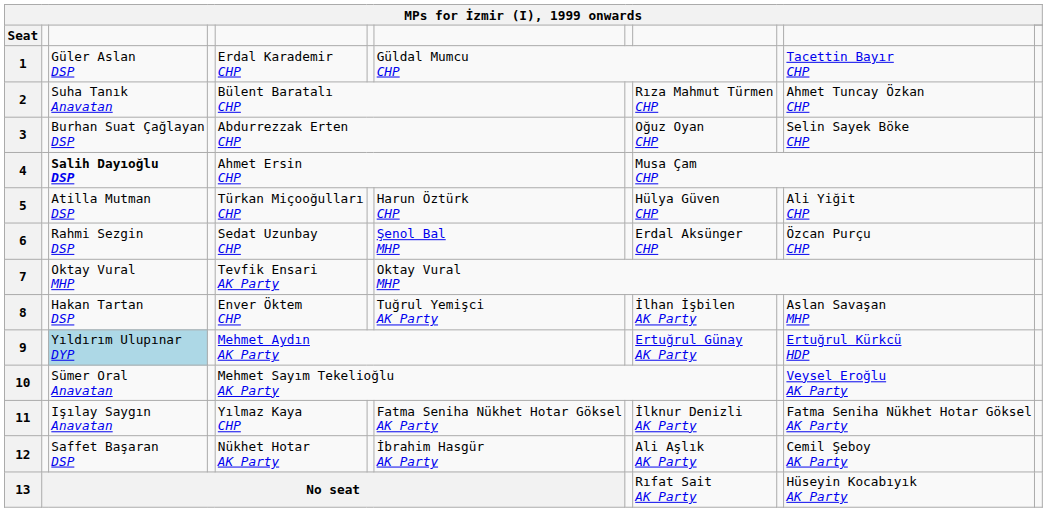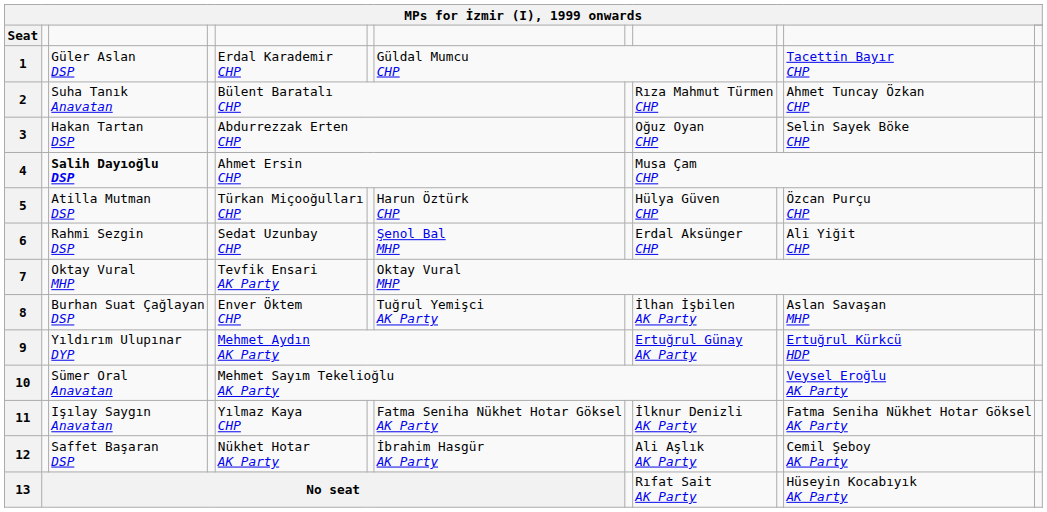 <table class="wikitable">
 <tr>
 <th colspan = 12>MPs for İzmir (I), 1999 onwards</th>
 </tr>
 <tr>
 <th rowspan = 2>Seat</th>
 <td rowspan="2" style="width:1px;"></td>
 <td rowspan = 2></td>
 <td rowspan="2" style="width:1px;"></td>
 <td rowspan = 2></td>
 <td rowspan="2" style="width:1px;"></td>
 <td rowspan = 2></td>
 <td rowspan="2" style="width:1px;"></td>
 <td rowspan = 2></td>
 <td rowspan="2" style="width:1px;"></td>
 <td rowspan = 2></td>
 </tr>
 <tr>
 <td></td>
 </tr>
 <tr>
 <th>1</th>
 <td width=1px style="background-color: "></td>
 <td colspan = 1>Güler Aslan<br><em><a href='#'>DSP</a></em></td>
 <td width=1px style="background-color: "></td>
 <td colspan = 1>Erdal Karademir<br><em><a href='#'>CHP</a></em></td>
 <td width=1px style="background-color: "></td>
 <td colspan = 3>Güldal Mumcu<br><em><a href='#'>CHP</a></em></td>
 <td width=1px style="background-color: "></td>
 <td colspan = 1><a href='#'>Tacettin Bayır</a><br><em><a href='#'>CHP</a></em></td>
 <td width=1px style="background-color: "></td>
 </tr>
 <tr>
 <th>2</th>
 <td width=1px style="background-color: "></td>
 <td colspan = 1>Suha Tanık<br><em><a href='#'>Anavatan</a></em></td>
 <td width=1px style="background-color: "></td>
 <td colspan = 3>Bülent Baratalı<br><em><a href='#'>CHP</a></em></td>
 <td width=1px style="background-color: "></td>
 <td colspan = 1>Rıza Mahmut Türmen<br><em><a href='#'>CHP</a></em></td>
 <td width=1px style="background-color: "></td>
 <td colspan = 1>Ahmet Tuncay Özkan<br><em><a href='#'>CHP</a></em></td>
 <td width=1px style="background-color: "></td>
 </tr>
 <tr>
 <th>3</th>
 <td width=1px style="background-color: "></td>
-<td colspan = 1>Burhan Suat Çağlayan<br><em><a href='#'>DSP</a></em></td>
+<td colspan = 1>Hakan Tartan<br><em><a href='#'>DSP</a></em></td>
 <td width=1px style="background-color: "></td>
 <td colspan = 3>Abdurrezzak Erten<br><em><a href='#'>CHP</a></em></td>
 <td width=1px style="background-color: "></td>
 <td colspan = 1>Oğuz Oyan<br><em><a href='#'>CHP</a></em></td>
 <td width=1px style="background-color: "></td>
 <td colspan = 1>Selin Sayek Böke<br><em><a href='#'>CHP</a></em></td>
 <td width=1px style="background-color: "></td>
 </tr>
 <tr>
 <th>4</th>
 <td width=1px style="background-color: "></td>
 <td colspan = 1><strong>Salih Dayıoğlu<br><em><a href='#'>DSP</a></em></strong></td>
 <td width=1px style="background-color: "></td>
 <td colspan = 3>Ahmet Ersin<br><em><a href='#'>CHP</a></em></td>
 <td width=1px style="background-color: "></td>
 <td colspan = 3>Musa Çam<br><em><a href='#'>CHP</a></em></td>
 <td width=1px style="background-color: "></td>
 </tr>
 <tr>
 <th>5</th>
 <td width=1px style="background-color: "></td>
 <td colspan = 1>Atilla Mutman<br><em><a href='#'>DSP</a></em></td>
 <td width=1px style="background-color: "></td>
 <td colspan = 1>Türkan Miçooğulları<br><em><a href='#'>CHP</a></em></td>
 <td width=1px style="background-color: "></td>
 <td colspan = 1>Harun Öztürk<br><em><a href='#'>CHP</a></em></td>
 <td width=1px style="background-color: "></td>
 <td colspan = 1>Hülya Güven<br><em><a href='#'>CHP</a></em></td>
 <td width=1px style="background-color: "></td>
-<td colspan = 1>Ali Yiğit<br><em><a href='#'>CHP</a></em></td>
+<td colspan = 1>Özcan Purçu<br><em><a href='#'>CHP</a></em></td>
 <td width=1px style="background-color: "></td>
 </tr>
 <tr>
 <th>6</th>
 <td width=1px style="background-color: "></td>
 <td colspan = 1>Rahmi Sezgin<br><em><a href='#'>DSP</a></em></td>
 <td width=1px style="background-color: "></td>
 <td colspan = 1>Sedat Uzunbay<br><em><a href='#'>CHP</a></em></td>
 <td width=1px style="background-color: "></td>
 <td colspan = 1><a href='#'>Şenol Bal</a><br><em><a href='#'>MHP</a></em></td>
 <td width=1px style="background-color: "></td>
 <td colspan = 1>Erdal Aksünger<br><em><a href='#'>CHP</a></em></td>
 <td width=1px style="background-color: "></td>
-<td colspan = 1>Özcan Purçu<br><em><a href='#'>CHP</a></em></td>
+<td colspan = 1>Ali Yiğit<br><em><a href='#'>CHP</a></em></td>
 <td width=1px style="background-color: "></td>
 </tr>
 <tr>
 <th>7</th>
 <td width=1px style="background-color: "></td>
 <td colspan = 1>Oktay Vural<br><em><a href='#'>MHP</a></em></td>
 <td width=1px style="background-color: "></td>
 <td colspan = 1>Tevfik Ensari<br><em><a href='#'>AK Party</a></em></td>
 <td width=1px style="background-color: "></td>
 <td colspan = 5>Oktay Vural<br><em><a href='#'>MHP</a></em></td>
 <td width=1px style="background-color: "></td>
 </tr>
 <tr>
 <th>8</th>
 <td width=1px style="background-color: "></td>
-<td colspan = 1>Hakan Tartan<br><em><a href='#'>DSP</a></em></td>
+<td colspan = 1>Burhan Suat Çağlayan<br><em><a href='#'>DSP</a></em></td>
 <td width=1px style="background-color: "></td>
 <td colspan = 1>Enver Öktem<br><em><a href='#'>CHP</a></em></td>
 <td width=1px style="background-color: "></td>
 <td colspan = 1>Tuğrul Yemişci<br><em><a href='#'>AK Party</a></em></td>
 <td width=1px style="background-color: "></td>
 <td colspan = 1>İlhan İşbilen<br><em><a href='#'>AK Party</a></em></td>
 <td width=1px style="background-color: "></td>
 <td colspan = 1>Aslan Savaşan<br><em><a href='#'>MHP</a></em></td>
 <td width=1px style="background-color: "></td>
 </tr>
 <tr>
 <th>9</th>
 <td width=1px style="background-color: "></td>
-<td colspan = 1 style="background: lightblue;">Yıldırım Ulupınar<br><em><a href='#'>DYP</a></em></td>
+<td colspan = 1>Yıldırım Ulupınar<br><em><a href='#'>DYP</a></em></td>
 <td width=1px style="background-color: "></td>
 <td colspan = 3><a href='#'>Mehmet Aydın</a><br><em><a href='#'>AK Party</a></em></td>
 <td width=1px style="background-color: "></td>
 <td colspan = 1><a href='#'>Ertuğrul Günay</a><br><em><a href='#'>AK Party</a></em></td>
 <td width=1px style="background-color: "></td>
 <td colspan = 1><a href='#'>Ertuğrul Kürkcü</a><br><em><a href='#'>HDP</a></em></td>
 <td width=1px style="background-color: "></td>
 </tr>
 <tr>
 <th>10</th>
 <td width=1px style="background-color: "></td>
 <td colspan = 1>Sümer Oral<br><em><a href='#'>Anavatan</a></em></td>
 <td width=1px style="background-color: "></td>
 <td colspan = 5>Mehmet Sayım Tekelioğlu<br><em><a href='#'>AK Party</a></em></td>
 <td width=1px style="background-color: "></td>
 <td colspan = 1><a href='#'>Veysel Eroğlu</a><br><em><a href='#'>AK Party</a></em></td>
 <td width=1px style="background-color: "></td>
 </tr>
 <tr>
 <th>11</th>
 <td width=1px style="background-color: "></td>
 <td colspan = 1>Işılay Saygın<br><em><a href='#'>Anavatan</a></em></td>
 <td width=1px style="background-color: "></td>
 <td colspan = 1>Yılmaz Kaya<br><em><a href='#'>CHP</a></em></td>
 <td width=1px style="background-color: "></td>
 <td colspan = 1>Fatma Seniha Nükhet Hotar Göksel<br><em><a href='#'>AK Party</a></em></td>
 <td width=1px style="background-color: "></td>
 <td colspan = 1>İlknur Denizli<br><em><a href='#'>AK Party</a></em></td>
 <td width=1px style="background-color: "></td>
 <td colspan = 1>Fatma Seniha Nükhet Hotar Göksel<br><em><a href='#'>AK Party</a></em></td>
 <td width=1px style="background-color: "></td>
 </tr>
 <tr>
 <th>12</th>
 <td width=1px style="background-color: "></td>
 <td colspan = 1>Saffet Başaran<br><em><a href='#'>DSP</a></em></td>
 <td width=1px style="background-color: "></td>
 <td colspan = 1>Nükhet Hotar<br><em><a href='#'>AK Party</a></em></td>
 <td width=1px style="background-color: "></td>
 <td colspan = 1>İbrahim Hasgür<br><em><a href='#'>AK Party</a></em></td>
 <td width=1px style="background-color: "></td>
 <td colspan = 1>Ali Aşlık<br><em><a href='#'>AK Party</a></em></td>
 <td width=1px style="background-color: "></td>
 <td colspan = 1>Cemil Şeboy<br><em><a href='#'>AK Party</a></em></td>
 <td width=1px style="background-color: "></td>
 </tr>
 <tr>
 <th>13</th>
 <th colspan = 6>No seat</th>
 <td width=1px style="background-color: "></td>
 <td colspan = 1>Rıfat Sait<br><em><a href='#'>AK Party</a></em></td>
 <td width=1px style="background-color: "></td>
 <td colspan = 1>Hüseyin Kocabıyık<br><em><a href='#'>AK Party</a></em></td>
 <td width=1px style="background-color: "></td>
 </tr>
 </table>
